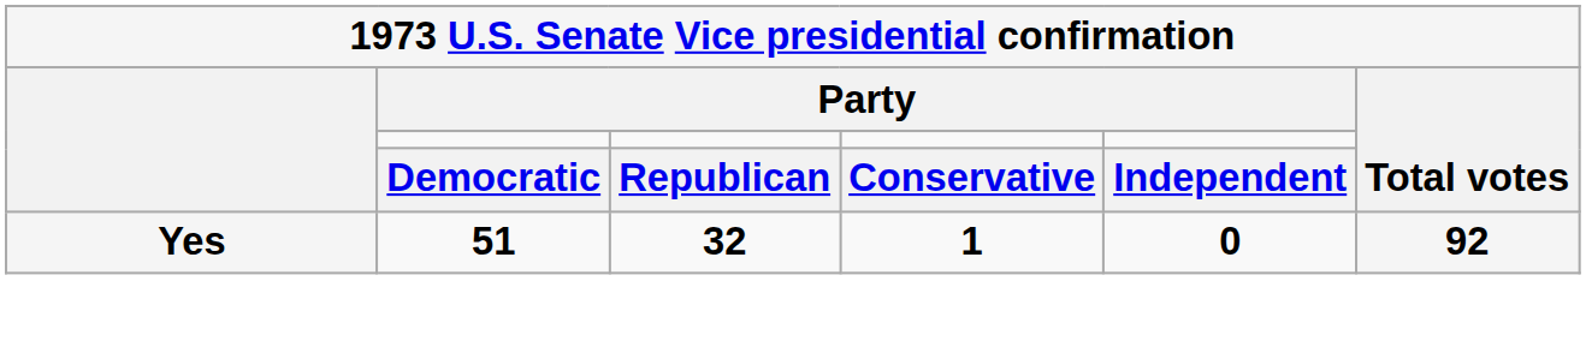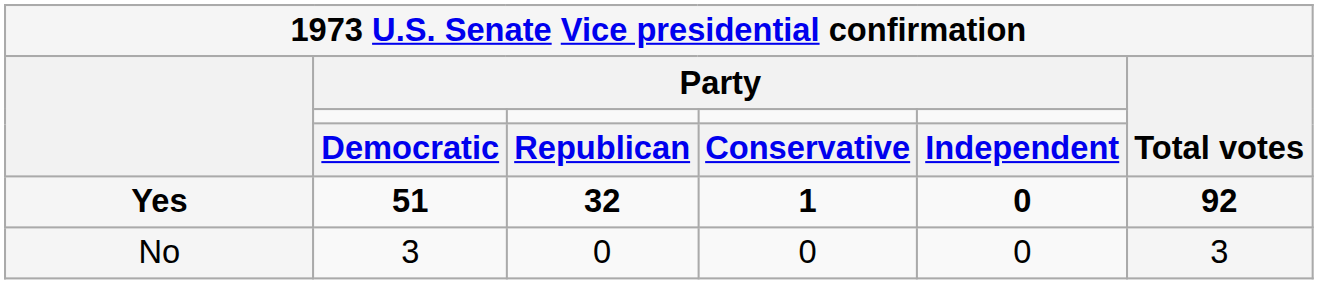 <table class=wikitable style="text-align:center">
 <tr>
 <th colspan=6 style="background:#f5f5f5">1973 <a href='#'>U.S. Senate</a> <a href='#'>Vice presidential</a> confirmation</th>
 </tr>
 <tr style="vertical-align:bottom;">
 <th rowspan=3 style="width: 9em;"><br></th>
 <th colspan=4>Party</th>
 <th rowspan=3>Total votes</th>
 </tr>
 <tr style="height:5px">
 <td style="background-color:"></td>
 <td style="background-color:"></td>
 <td style="background-color:"></td>
 <td style="background-color:"></td>
 </tr>
 <tr style="vertical-align:bottom;">
 <th><a href='#'>Democratic</a></th>
 <th><a href='#'>Republican</a></th>
 <th><a href='#'>Conservative</a></th>
 <th><a href='#'>Independent</a></th>
 </tr>
 <tr>
 <td style="background:#f5f5f5"><strong>Yes</strong></td>
 <td><strong>51</strong></td>
 <td><strong>32</strong></td>
 <td><strong>1</strong></td>
 <td><strong>0</strong></td>
 <td style="background:#f5f5f5"><strong>92</strong></td>
 </tr>
+<tr>
+<td style="background:#f5f5f5">No</td>
+<td>3</td>
+<td>0</td>
+<td>0</td>
+<td>0</td>
+<td style="background:#f5f5f5">3</td>
+</tr>
 </table>
